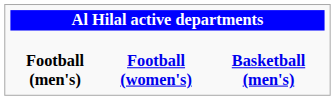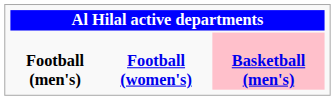 <table class="infobox" style="width: 20em; font-size: 95%em;">
 <tr style="color:white; background:blue; text-align:center;">
 <th colspan="3" style="text-align: center">Al Hilal active departments</th>
 </tr>
 <tr style="text-align: center">
 <td><br><strong>Football<br>(men's)</strong></td>
 <td><br><strong><a href='#'>Football<br>(women's)</a></strong></td>
-<td><br><strong><a href='#'>Basketball<br>(men's)</a></strong></td>
+<td style="background: pink;"><br><strong><a href='#'>Basketball<br>(men's)</a></strong></td>
 </tr>
 </table>
